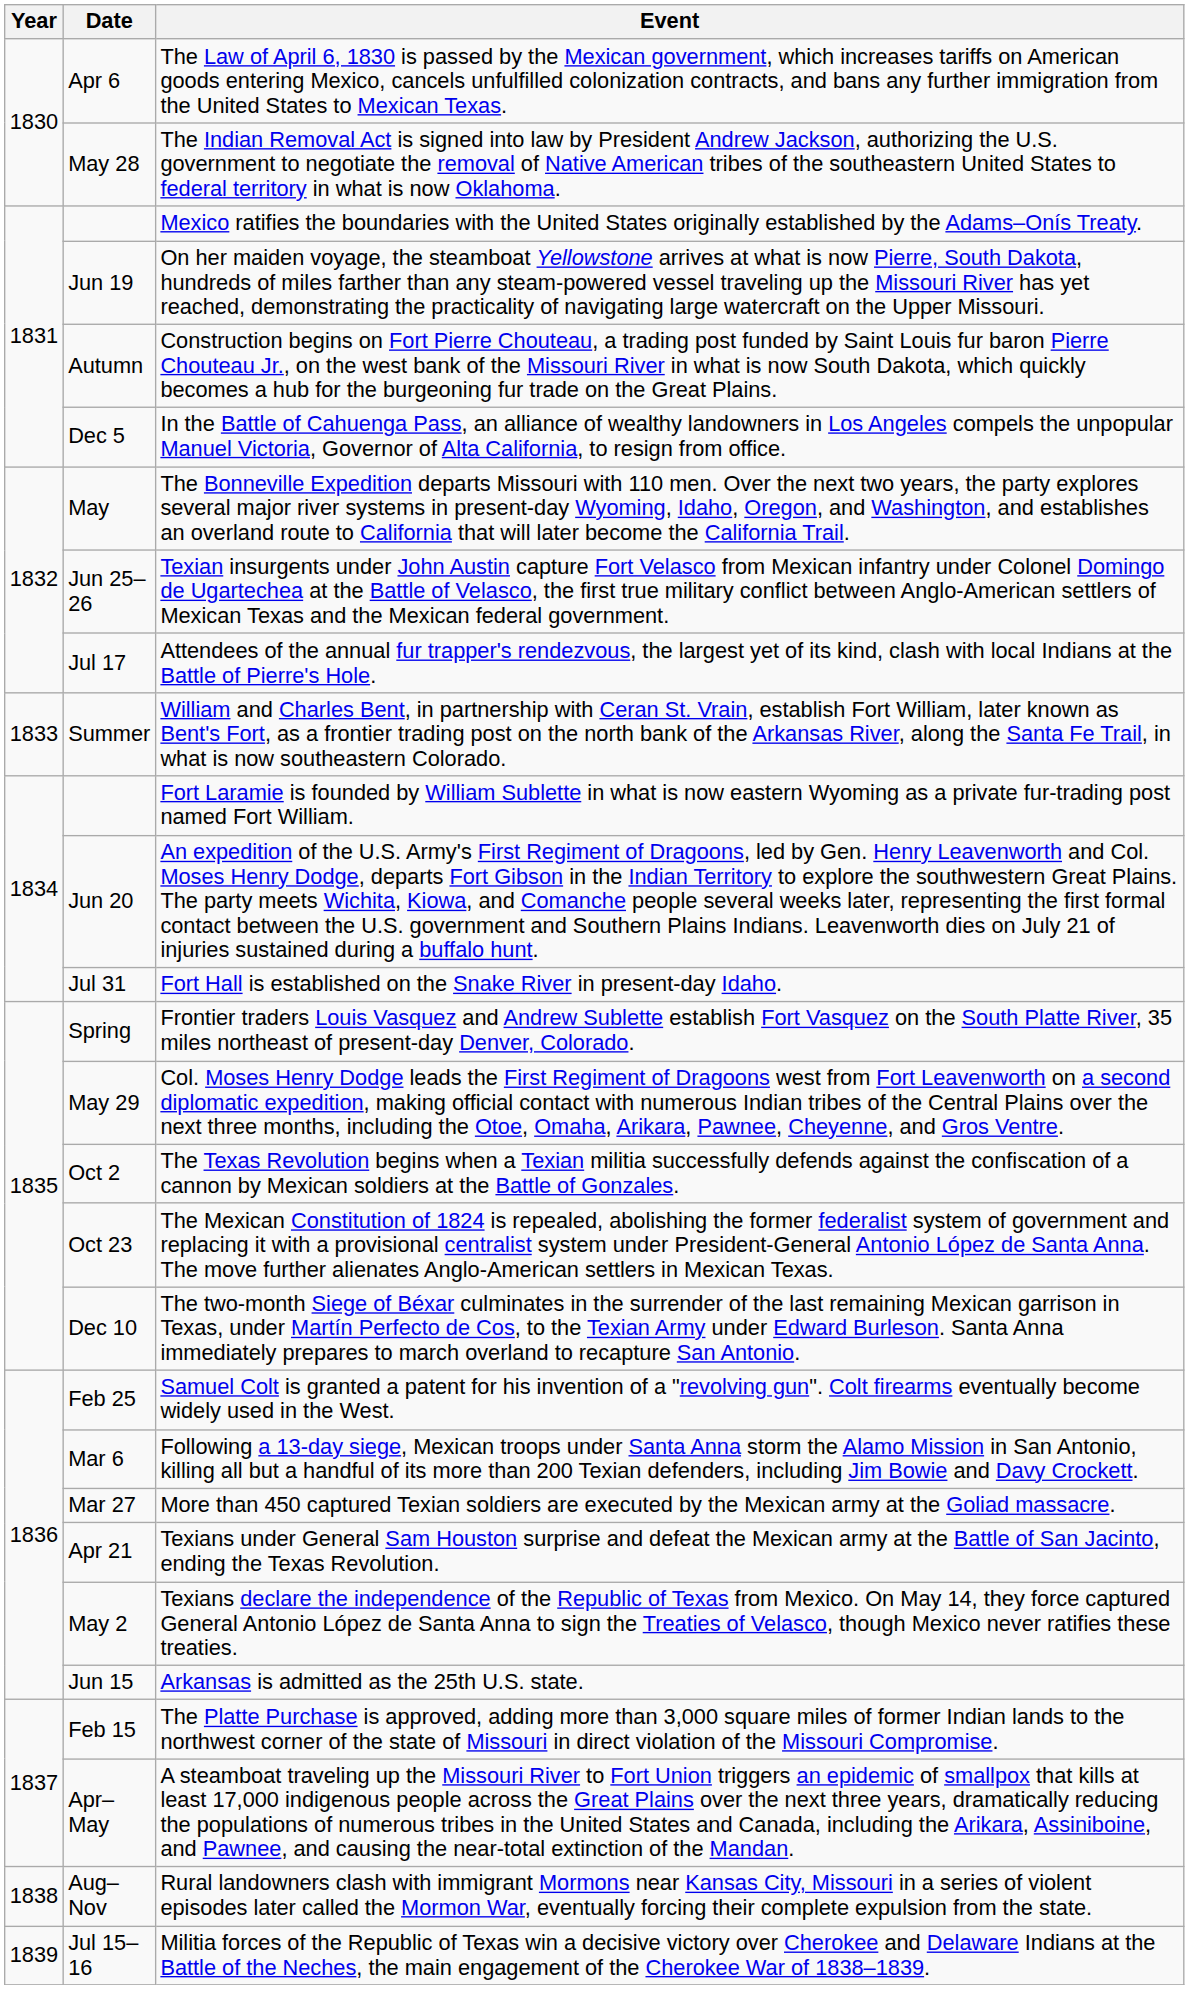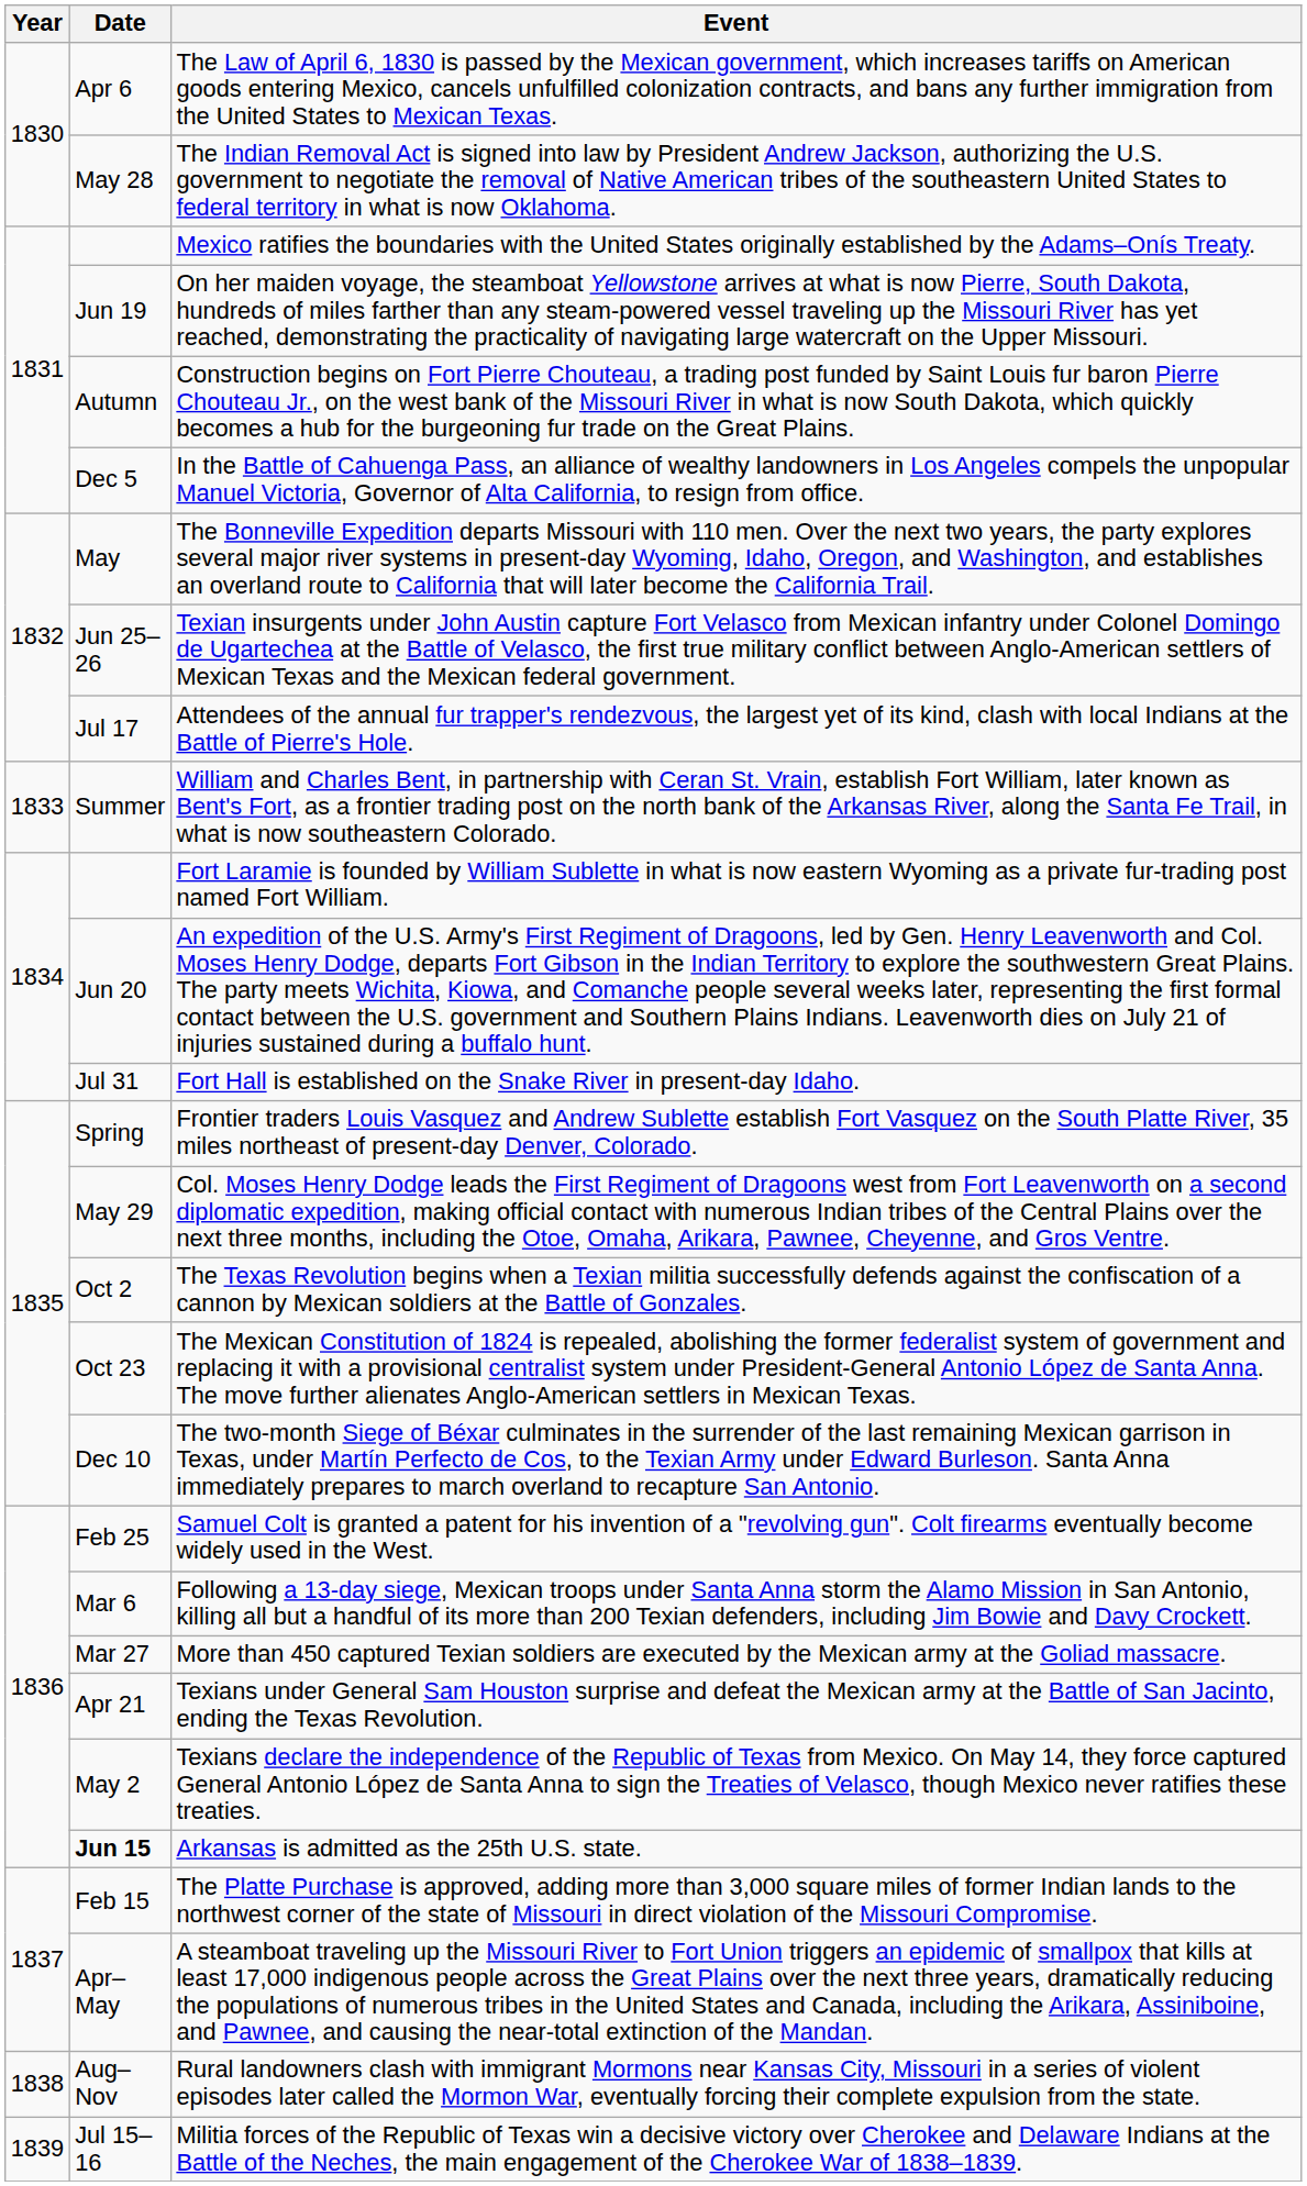 <table class=wikitable>
 <tr>
 <th>Year</th>
 <th width=55>Date</th>
 <th>Event</th>
 </tr>
 <tr>
 <td rowspan=2>1830</td>
 <td>Apr 6</td>
 <td>The <a href='#'>Law of April 6, 1830</a> is passed by the <a href='#'>Mexican government</a>, which increases tariffs on American goods entering Mexico, cancels unfulfilled colonization contracts, and bans any further immigration from the United States to <a href='#'>Mexican Texas</a>.</td>
 </tr>
 <tr>
 <td>May 28</td>
 <td>The <a href='#'>Indian Removal Act</a> is signed into law by President <a href='#'>Andrew Jackson</a>, authorizing the U.S. government to negotiate the <a href='#'>removal</a> of <a href='#'>Native American</a> tribes of the southeastern United States to <a href='#'>federal territory</a> in what is now <a href='#'>Oklahoma</a>.</td>
 </tr>
 <tr>
 <td rowspan=4>1831</td>
 <td></td>
 <td><a href='#'>Mexico</a> ratifies the boundaries with the United States originally established by the <a href='#'>Adams–Onís Treaty</a>.</td>
 </tr>
 <tr>
 <td>Jun 19</td>
 <td>On her maiden voyage, the steamboat <em><a href='#'>Yellowstone</a></em> arrives at what is now <a href='#'>Pierre, South Dakota</a>, hundreds of miles farther than any steam-powered vessel traveling up the <a href='#'>Missouri River</a> has yet reached, demonstrating the practicality of navigating large watercraft on the Upper Missouri.</td>
 </tr>
 <tr>
 <td>Autumn</td>
 <td>Construction begins on <a href='#'>Fort Pierre Chouteau</a>, a trading post funded by Saint Louis fur baron <a href='#'>Pierre Chouteau Jr.</a>, on the west bank of the <a href='#'>Missouri River</a> in what is now South Dakota, which quickly becomes a hub for the burgeoning fur trade on the Great Plains.</td>
 </tr>
 <tr>
 <td>Dec 5</td>
 <td>In the <a href='#'>Battle of Cahuenga Pass</a>, an alliance of wealthy landowners in <a href='#'>Los Angeles</a> compels the unpopular <a href='#'>Manuel Victoria</a>, Governor of <a href='#'>Alta California</a>, to resign from office.</td>
 </tr>
 <tr>
 <td rowspan=3>1832</td>
 <td>May</td>
 <td>The <a href='#'>Bonneville Expedition</a> departs Missouri with 110 men. Over the next two years, the party explores several major river systems in present-day <a href='#'>Wyoming</a>, <a href='#'>Idaho</a>, <a href='#'>Oregon</a>, and <a href='#'>Washington</a>, and establishes an overland route to <a href='#'>California</a> that will later become the <a href='#'>California Trail</a>.</td>
 </tr>
 <tr>
 <td>Jun 25–26</td>
 <td><a href='#'>Texian</a> insurgents under <a href='#'>John Austin</a> capture <a href='#'>Fort Velasco</a> from Mexican infantry under Colonel <a href='#'>Domingo de Ugartechea</a> at the <a href='#'>Battle of Velasco</a>, the first true military conflict between Anglo-American settlers of Mexican Texas and the Mexican federal government.</td>
 </tr>
 <tr>
 <td>Jul 17</td>
 <td>Attendees of the annual <a href='#'>fur trapper's rendezvous</a>, the largest yet of its kind, clash with local Indians at the <a href='#'>Battle of Pierre's Hole</a>.</td>
 </tr>
 <tr>
 <td rowspan=1>1833</td>
 <td>Summer</td>
 <td><a href='#'>William</a> and <a href='#'>Charles Bent</a>, in partnership with <a href='#'>Ceran St. Vrain</a>, establish Fort William, later known as <a href='#'>Bent's Fort</a>, as a frontier trading post on the north bank of the <a href='#'>Arkansas River</a>, along the <a href='#'>Santa Fe Trail</a>, in what is now southeastern Colorado.</td>
 </tr>
 <tr>
 <td rowspan=3>1834</td>
 <td></td>
 <td><a href='#'>Fort Laramie</a> is founded by <a href='#'>William Sublette</a> in what is now eastern Wyoming as a private fur-trading post named Fort William.</td>
 </tr>
 <tr>
 <td>Jun 20</td>
 <td><a href='#'>An expedition</a> of the U.S. Army's <a href='#'>First Regiment of Dragoons</a>, led by Gen. <a href='#'>Henry Leavenworth</a> and Col. <a href='#'>Moses Henry Dodge</a>, departs <a href='#'>Fort Gibson</a> in the <a href='#'>Indian Territory</a> to explore the southwestern Great Plains. The party meets <a href='#'>Wichita</a>, <a href='#'>Kiowa</a>, and <a href='#'>Comanche</a> people several weeks later, representing the first formal contact between the U.S. government and Southern Plains Indians. Leavenworth dies on July 21 of injuries sustained during a <a href='#'>buffalo hunt</a>.</td>
 </tr>
 <tr>
 <td>Jul 31</td>
 <td><a href='#'>Fort Hall</a> is established on the <a href='#'>Snake River</a> in present-day <a href='#'>Idaho</a>.</td>
 </tr>
 <tr>
 <td rowspan=5>1835</td>
 <td>Spring</td>
 <td>Frontier traders <a href='#'>Louis Vasquez</a> and <a href='#'>Andrew Sublette</a> establish <a href='#'>Fort Vasquez</a> on the <a href='#'>South Platte River</a>, 35 miles northeast of present-day <a href='#'>Denver, Colorado</a>.</td>
 </tr>
 <tr>
 <td>May 29</td>
 <td>Col. <a href='#'>Moses Henry Dodge</a> leads the <a href='#'>First Regiment of Dragoons</a> west from <a href='#'>Fort Leavenworth</a> on <a href='#'>a second diplomatic expedition</a>, making official contact with numerous Indian tribes of the Central Plains over the next three months, including the <a href='#'>Otoe</a>, <a href='#'>Omaha</a>, <a href='#'>Arikara</a>, <a href='#'>Pawnee</a>, <a href='#'>Cheyenne</a>, and <a href='#'>Gros Ventre</a>.</td>
 </tr>
 <tr>
 <td>Oct 2</td>
 <td>The <a href='#'>Texas Revolution</a> begins when a <a href='#'>Texian</a> militia successfully defends against the confiscation of a cannon by Mexican soldiers at the <a href='#'>Battle of Gonzales</a>.</td>
 </tr>
 <tr>
 <td>Oct 23</td>
 <td>The Mexican <a href='#'>Constitution of 1824</a> is repealed, abolishing the former <a href='#'>federalist</a> system of government and replacing it with a provisional <a href='#'>centralist</a> system under President-General <a href='#'>Antonio López de Santa Anna</a>. The move further alienates Anglo-American settlers in Mexican Texas.</td>
 </tr>
 <tr>
 <td>Dec 10</td>
 <td>The two-month <a href='#'>Siege of Béxar</a> culminates in the surrender of the last remaining Mexican garrison in Texas, under <a href='#'>Martín Perfecto de Cos</a>, to the <a href='#'>Texian Army</a> under <a href='#'>Edward Burleson</a>. Santa Anna immediately prepares to march overland to recapture <a href='#'>San Antonio</a>.</td>
 </tr>
 <tr>
 <td rowspan=6>1836</td>
 <td>Feb 25</td>
 <td><a href='#'>Samuel Colt</a> is granted a patent for his invention of a "<a href='#'>revolving gun</a>". <a href='#'>Colt firearms</a> eventually become widely used in the West.</td>
 </tr>
 <tr>
 <td>Mar 6</td>
 <td>Following <a href='#'>a 13-day siege</a>, Mexican troops under <a href='#'>Santa Anna</a> storm the <a href='#'>Alamo Mission</a> in San Antonio, killing all but a handful of its more than 200 Texian defenders, including <a href='#'>Jim Bowie</a> and <a href='#'>Davy Crockett</a>.</td>
 </tr>
 <tr>
 <td>Mar 27</td>
 <td>More than 450 captured Texian soldiers are executed by the Mexican army at the <a href='#'>Goliad massacre</a>.</td>
 </tr>
 <tr>
 <td>Apr 21</td>
 <td>Texians under General <a href='#'>Sam Houston</a> surprise and defeat the Mexican army at the <a href='#'>Battle of San Jacinto</a>, ending the Texas Revolution.</td>
 </tr>
 <tr>
 <td>May 2</td>
 <td>Texians <a href='#'>declare the independence</a> of the <a href='#'>Republic of Texas</a> from Mexico. On May 14, they force captured General Antonio López de Santa Anna to sign the <a href='#'>Treaties of Velasco</a>, though Mexico never ratifies these treaties.</td>
 </tr>
 <tr>
-<td>Jun 15</td>
+<td><strong>Jun 15</strong></td>
 <td><a href='#'>Arkansas</a> is admitted as the 25th U.S. state.</td>
 </tr>
 <tr>
 <td rowspan=2>1837</td>
 <td>Feb 15</td>
 <td>The <a href='#'>Platte Purchase</a> is approved, adding more than 3,000 square miles of former Indian lands to the northwest corner of the state of <a href='#'>Missouri</a> in direct violation of the <a href='#'>Missouri Compromise</a>.</td>
 </tr>
 <tr>
 <td>Apr–May</td>
 <td>A steamboat traveling up the <a href='#'>Missouri River</a> to <a href='#'>Fort Union</a> triggers <a href='#'>an epidemic</a> of <a href='#'>smallpox</a> that kills at least 17,000 indigenous people across the <a href='#'>Great Plains</a> over the next three years, dramatically reducing the populations of numerous tribes in the United States and Canada, including the <a href='#'>Arikara</a>, <a href='#'>Assiniboine</a>, and <a href='#'>Pawnee</a>, and causing the near-total extinction of the <a href='#'>Mandan</a>.</td>
 </tr>
 <tr>
 <td rowspan=1>1838</td>
 <td>Aug–Nov</td>
 <td>Rural landowners clash with immigrant <a href='#'>Mormons</a> near <a href='#'>Kansas City, Missouri</a> in a series of violent episodes later called the <a href='#'>Mormon War</a>, eventually forcing their complete expulsion from the state.</td>
 </tr>
 <tr>
 <td rowspan=1>1839</td>
 <td>Jul 15–16</td>
 <td>Militia forces of the Republic of Texas win a decisive victory over <a href='#'>Cherokee</a> and <a href='#'>Delaware</a> Indians at the <a href='#'>Battle of the Neches</a>, the main engagement of the <a href='#'>Cherokee War of 1838–1839</a>.</td>
 </tr>
 </table>
